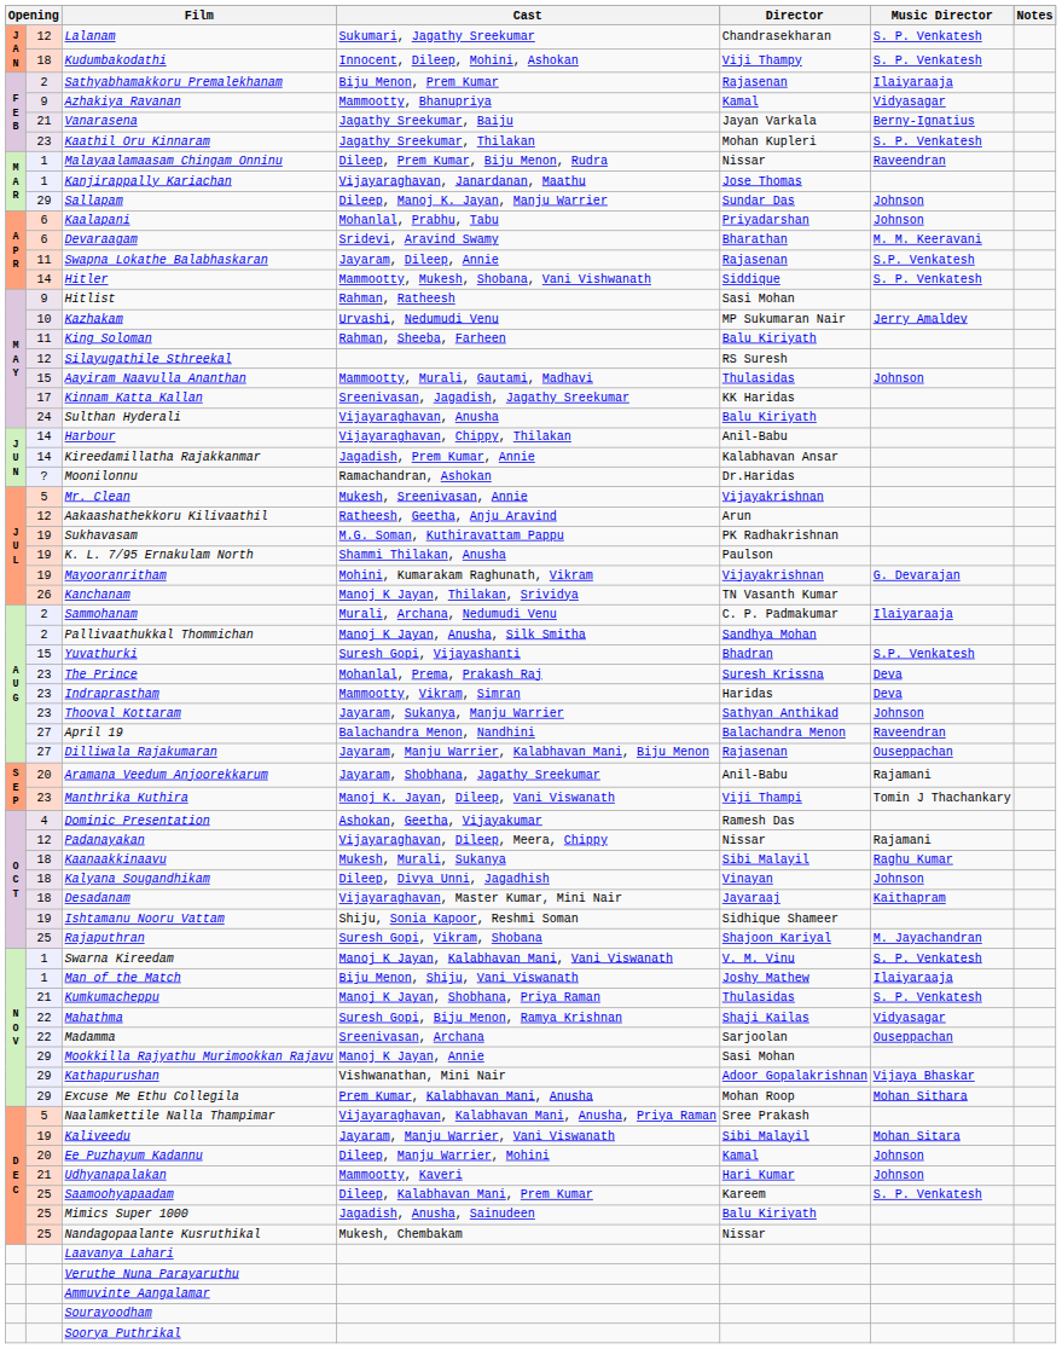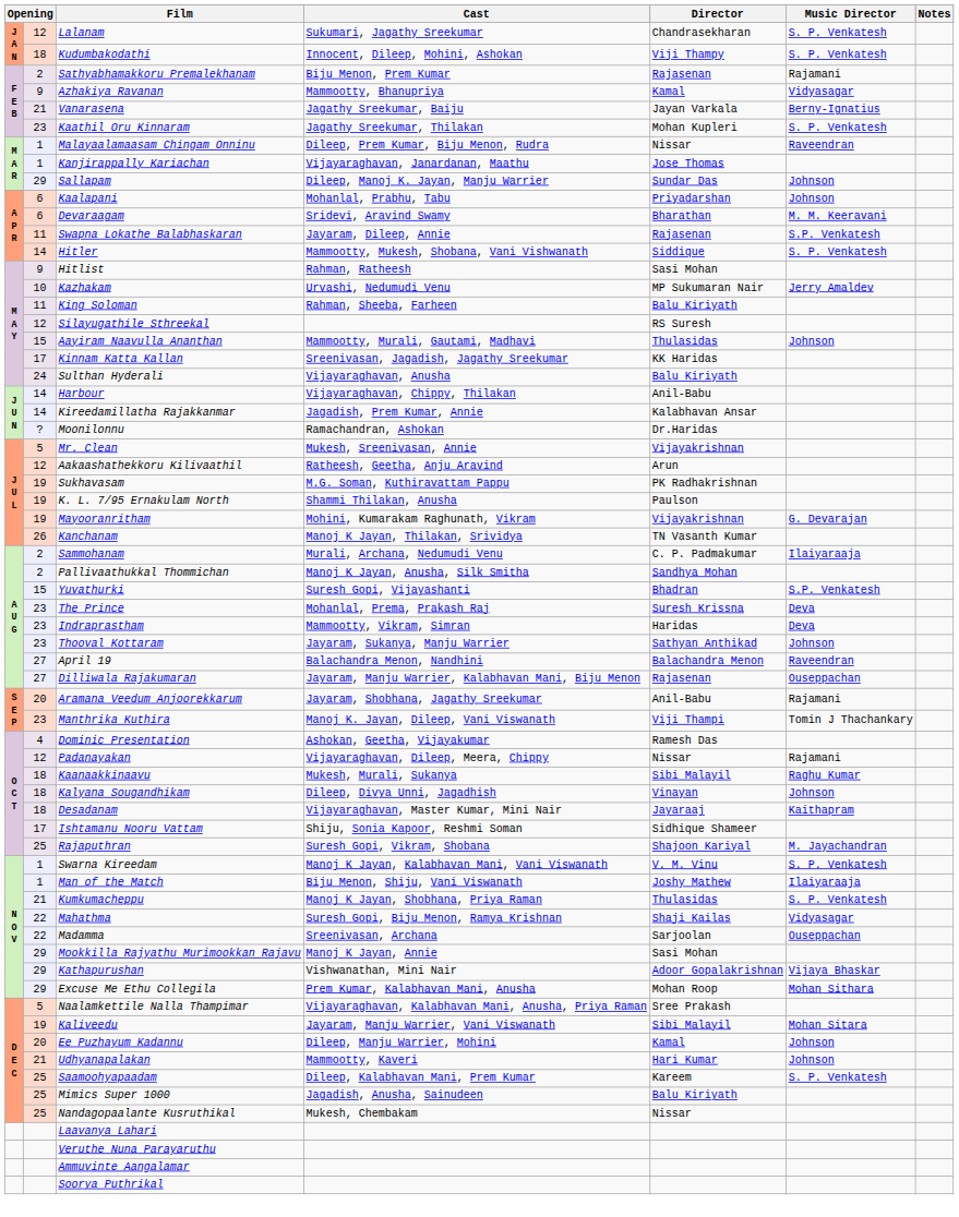 <table class="wikitable">
 <tr style="background:#000;">
 <th colspan="2">Opening</th>
 <th>Film</th>
 <th>Cast</th>
 <th>Director</th>
 <th>Music Director</th>
 <th>Notes</th>
 </tr>
 <tr>
 <td rowspan="2" style="text-align:center; background:#ffa07a; textcolor:#000;"><small><strong>J<br>A<br>N</strong></small></td>
 <td style="text-align:center; background:#ffdacc; textcolor:#000;">12</td>
 <td><em><a href='#'>Lalanam</a></em></td>
 <td><a href='#'>Sukumari</a>, <a href='#'>Jagathy Sreekumar</a></td>
 <td>Chandrasekharan</td>
 <td><a href='#'>S. P. Venkatesh</a></td>
 <td></td>
 </tr>
 <tr>
 <td style="text-align:center; background:#ffdacc; textcolor:#000;">18</td>
 <td><em><a href='#'>Kudumbakodathi</a></em></td>
 <td><a href='#'>Innocent</a>, <a href='#'>Dileep</a>, <a href='#'>Mohini</a>, <a href='#'>Ashokan</a></td>
 <td><a href='#'>Viji Thampy</a></td>
 <td><a href='#'>S. P. Venkatesh</a></td>
 <td></td>
 </tr>
 <tr>
 <td rowspan="4" style="text-align:center; background:#dcc7df; textcolor:#000;"><small><strong>F<br>E<br>B</strong></small></td>
 <td style="text-align:center; background:#ede3ef; textcolor:#000;">2</td>
 <td><em><a href='#'>Sathyabhamakkoru Premalekhanam</a></em></td>
 <td><a href='#'>Biju Menon</a>, <a href='#'>Prem Kumar</a></td>
 <td><a href='#'>Rajasenan</a></td>
-<td><a href='#'>Ilaiyaraaja</a></td>
+<td>Rajamani</td>
 <td></td>
 </tr>
 <tr>
 <td style="text-align:center; background:#ede3ef; textcolor:#000;">9</td>
 <td><em><a href='#'>Azhakiya Ravanan</a></em></td>
 <td><a href='#'>Mammootty</a>, <a href='#'>Bhanupriya</a></td>
 <td><a href='#'>Kamal</a></td>
 <td><a href='#'>Vidyasagar</a></td>
 <td></td>
 </tr>
 <tr>
 <td style="text-align:center; background:#ede3ef; textcolor:#000;">21</td>
 <td><em><a href='#'>Vanarasena</a></em></td>
 <td><a href='#'>Jagathy Sreekumar</a>, <a href='#'>Baiju</a></td>
 <td>Jayan Varkala</td>
 <td><a href='#'>Berny-Ignatius</a></td>
 <td></td>
 </tr>
 <tr>
 <td style="text-align:center; background:#ede3ef; textcolor:#000;">23</td>
 <td><em><a href='#'>Kaathil Oru Kinnaram</a></em></td>
 <td><a href='#'>Jagathy Sreekumar</a>, <a href='#'>Thilakan</a></td>
 <td>Mohan Kupleri</td>
 <td><a href='#'>S. P. Venkatesh</a></td>
 <td></td>
 </tr>
 <tr>
 <td rowspan="3" style="text-align:center; background:#d0f0c0; textcolor:#000;"><small><strong>M<br>A<br>R</strong></small></td>
 <td style="text-align:center; background:#edefff; textcolor:#000;">1</td>
 <td><em><a href='#'>Malayaalamaasam Chingam Onninu</a></em></td>
 <td><a href='#'>Dileep</a>, <a href='#'>Prem Kumar</a>, <a href='#'>Biju Menon</a>, <a href='#'>Rudra</a></td>
 <td>Nissar</td>
 <td><a href='#'>Raveendran</a></td>
 <td></td>
 </tr>
 <tr>
 <td style="text-align:center; background:#edefff; textcolor:#000;">1</td>
 <td><em><a href='#'>Kanjirappally Kariachan</a></em></td>
 <td><a href='#'>Vijayaraghavan</a>, <a href='#'>Janardanan</a>, <a href='#'>Maathu</a></td>
 <td><a href='#'>Jose Thomas</a></td>
 <td></td>
 <td></td>
 </tr>
 <tr>
 <td style="text-align:center; background:#edefff; textcolor:#000;">29</td>
 <td><em><a href='#'>Sallapam</a></em></td>
 <td><a href='#'>Dileep</a>, <a href='#'>Manoj K. Jayan</a>, <a href='#'>Manju Warrier</a></td>
 <td><a href='#'>Sundar Das</a></td>
 <td><a href='#'>Johnson</a></td>
 <td></td>
 </tr>
 <tr>
 <td rowspan="4" style="text-align:center; background:#ffa07a; textcolor:#000;"><small><strong>A<br>P<br>R</strong></small></td>
 <td style="text-align:center; background:#ffdacc; textcolor:#000;">6</td>
 <td><em><a href='#'>Kaalapani</a></em></td>
 <td><a href='#'>Mohanlal</a>, <a href='#'>Prabhu</a>, <a href='#'>Tabu</a></td>
 <td><a href='#'>Priyadarshan</a></td>
 <td><a href='#'>Johnson</a></td>
 <td></td>
 </tr>
 <tr>
 <td style="text-align:center; background:#ffdacc; textcolor:#000;">6</td>
 <td><em><a href='#'>Devaraagam</a></em></td>
 <td><a href='#'>Sridevi</a>, <a href='#'>Aravind Swamy</a></td>
 <td><a href='#'>Bharathan</a></td>
 <td><a href='#'>M. M. Keeravani</a></td>
 <td></td>
 </tr>
 <tr>
 <td style="text-align:center; background:#ffdacc; textcolor:#000;">11</td>
 <td><em><a href='#'>Swapna Lokathe Balabhaskaran</a></em></td>
 <td><a href='#'>Jayaram</a>, <a href='#'>Dileep</a>, <a href='#'>Annie</a></td>
 <td><a href='#'>Rajasenan</a></td>
 <td><a href='#'>S.P. Venkatesh</a></td>
 <td></td>
 </tr>
 <tr>
 <td style="text-align:center; background:#ffdacc; textcolor:#000;">14</td>
 <td><em><a href='#'>Hitler</a></em></td>
 <td><a href='#'>Mammootty</a>, <a href='#'>Mukesh</a>, <a href='#'>Shobana</a>, <a href='#'>Vani Vishwanath</a></td>
 <td><a href='#'>Siddique</a></td>
 <td><a href='#'>S. P. Venkatesh</a></td>
 <td></td>
 </tr>
 <tr>
 <td rowspan="7" style="text-align:center; background:#dcc7df; textcolor:#000;"><small><strong>M<br>A<br>Y</strong></small></td>
 <td style="text-align:center; background:#ede3ef; textcolor:#000;">9</td>
 <td><em>Hitlist</em></td>
 <td><a href='#'>Rahman</a>, <a href='#'>Ratheesh</a></td>
 <td>Sasi Mohan</td>
 <td></td>
 <td></td>
 </tr>
 <tr>
 <td style="text-align:center; background:#ede3ef; textcolor:#000;">10</td>
 <td><em><a href='#'>Kazhakam</a></em></td>
 <td><a href='#'>Urvashi</a>, <a href='#'>Nedumudi Venu</a></td>
 <td>MP Sukumaran Nair</td>
 <td><a href='#'>Jerry Amaldev</a></td>
 <td></td>
 </tr>
 <tr>
 <td style="text-align:center; background:#ede3ef; textcolor:#000;">11</td>
 <td><em><a href='#'>King Soloman</a></em></td>
 <td><a href='#'>Rahman</a>, <a href='#'>Sheeba</a>, <a href='#'>Farheen</a></td>
 <td><a href='#'>Balu Kiriyath</a></td>
 <td></td>
 <td></td>
 </tr>
 <tr>
 <td style="text-align:center; background:#ede3ef; textcolor:#000;">12</td>
 <td><em><a href='#'>Silayugathile Sthreekal</a></em></td>
 <td></td>
 <td>RS Suresh</td>
 <td></td>
 <td></td>
 </tr>
 <tr>
 <td style="text-align:center; background:#ede3ef; textcolor:#000;">15</td>
 <td><em><a href='#'>Aayiram Naavulla Ananthan</a></em></td>
 <td><a href='#'>Mammootty</a>, <a href='#'>Murali</a>, <a href='#'>Gautami</a>, <a href='#'>Madhavi</a></td>
 <td><a href='#'>Thulasidas</a></td>
 <td><a href='#'>Johnson</a></td>
 <td></td>
 </tr>
 <tr>
 <td style="text-align:center; background:#ede3ef; textcolor:#000;">17</td>
 <td><em><a href='#'>Kinnam Katta Kallan</a></em></td>
 <td><a href='#'>Sreenivasan</a>, <a href='#'>Jagadish</a>, <a href='#'>Jagathy Sreekumar</a></td>
 <td>KK Haridas</td>
 <td></td>
 <td></td>
 </tr>
 <tr>
 <td style="text-align:center; background:#ede3ef; textcolor:#000;">24</td>
 <td><em>Sulthan Hyderali</em></td>
 <td><a href='#'>Vijayaraghavan</a>, <a href='#'>Anusha</a></td>
 <td><a href='#'>Balu Kiriyath</a></td>
 <td></td>
 <td></td>
 </tr>
 <tr>
 <td rowspan="3" style="text-align:center; background:#d0f0c0; textcolor:#000;"><small><strong>J<br>U<br>N</strong></small></td>
 <td style="text-align:center; background:#edefff; textcolor:#000;">14</td>
 <td><em><a href='#'>Harbour</a></em></td>
 <td><a href='#'>Vijayaraghavan</a>, <a href='#'>Chippy</a>, <a href='#'>Thilakan</a></td>
 <td>Anil-Babu</td>
 <td></td>
 <td></td>
 </tr>
 <tr>
 <td style="text-align:center; background:#edefff; textcolor:#000;">14</td>
 <td><em>Kireedamillatha Rajakkanmar</em></td>
 <td><a href='#'>Jagadish</a>, <a href='#'>Prem Kumar</a>, <a href='#'>Annie</a></td>
 <td>Kalabhavan Ansar</td>
 <td></td>
 <td></td>
 </tr>
 <tr>
 <td style="text-align:center; background:#edefff; textcolor:#000;">?</td>
 <td><em>Moonilonnu</em></td>
 <td>Ramachandran, <a href='#'>Ashokan</a></td>
 <td>Dr.Haridas</td>
 <td></td>
 <td></td>
 </tr>
 <tr>
 <td rowspan="6" style="text-align:center; background:#ffa07a; textcolor:#000;"><small><strong>J<br>U<br>L</strong></small></td>
 <td style="text-align:center; background:#ffdacc; textcolor:#000;">5</td>
 <td><em><a href='#'>Mr. Clean</a></em></td>
 <td><a href='#'>Mukesh</a>, <a href='#'>Sreenivasan</a>, <a href='#'>Annie</a></td>
 <td><a href='#'>Vijayakrishnan</a></td>
 <td></td>
 <td></td>
 </tr>
 <tr>
 <td style="text-align:center; background:#ffdacc; textcolor:#000;">12</td>
 <td><em>Aakaashathekkoru Kilivaathil</em></td>
 <td><a href='#'>Ratheesh</a>, <a href='#'>Geetha</a>, <a href='#'>Anju Aravind</a></td>
 <td>Arun</td>
 <td></td>
 <td></td>
 </tr>
 <tr>
 <td style="text-align:center; background:#ffdacc; textcolor:#000;">19</td>
 <td><em>Sukhavasam</em></td>
 <td><a href='#'>M.G. Soman</a>, <a href='#'>Kuthiravattam Pappu</a></td>
 <td>PK Radhakrishnan</td>
 <td></td>
 <td></td>
 </tr>
 <tr>
 <td style="text-align:center; background:#ffdacc; textcolor:#000;">19</td>
 <td><em>K. L. 7/95 Ernakulam North</em></td>
 <td><a href='#'>Shammi Thilakan</a>, <a href='#'>Anusha</a></td>
 <td>Paulson</td>
 <td></td>
 <td></td>
 </tr>
 <tr>
 <td style="text-align:center; background:#ffdacc; textcolor:#000;">19</td>
 <td><em><a href='#'>Mayooranritham</a></em></td>
 <td><a href='#'>Mohini</a>, Kumarakam Raghunath, <a href='#'>Vikram</a></td>
 <td><a href='#'>Vijayakrishnan</a></td>
 <td><a href='#'>G. Devarajan</a></td>
 <td></td>
 </tr>
 <tr>
 <td style="text-align:center; background:#ffdacc; textcolor:#000;">26</td>
 <td><em><a href='#'>Kanchanam</a></em></td>
 <td><a href='#'>Manoj K Jayan</a>, <a href='#'>Thilakan</a>, <a href='#'>Srividya</a></td>
 <td>TN Vasanth Kumar</td>
 <td></td>
 <td></td>
 </tr>
 <tr>
 <td rowspan="8" style="text-align:center; background:#d0f0c0; textcolor:#000;"><small><strong>A<br>U<br>G</strong></small></td>
 <td style="text-align:center; background:#edefff; textcolor:#000;">2</td>
 <td><em><a href='#'>Sammohanam</a></em></td>
 <td><a href='#'>Murali</a>, <a href='#'>Archana</a>, <a href='#'>Nedumudi Venu</a></td>
 <td>C. P. Padmakumar</td>
 <td><a href='#'>Ilaiyaraaja</a></td>
 <td></td>
 </tr>
 <tr>
 <td style="text-align:center; background:#edefff; textcolor:#000;">2</td>
 <td><em>Pallivaathukkal Thommichan</em></td>
 <td><a href='#'>Manoj K Jayan</a>, <a href='#'>Anusha</a>, <a href='#'>Silk Smitha</a></td>
 <td><a href='#'>Sandhya Mohan</a></td>
 <td></td>
 <td></td>
 </tr>
 <tr>
 <td style="text-align:center; background:#edefff; textcolor:#000;">15</td>
 <td><em><a href='#'>Yuvathurki</a></em></td>
 <td><a href='#'>Suresh Gopi</a>, <a href='#'>Vijayashanti</a></td>
 <td><a href='#'>Bhadran</a></td>
 <td><a href='#'>S.P. Venkatesh</a></td>
 <td></td>
 </tr>
 <tr>
 <td style="text-align:center; background:#edefff; textcolor:#000;">23</td>
 <td><em><a href='#'>The Prince</a></em></td>
 <td><a href='#'>Mohanlal</a>, <a href='#'>Prema</a>, <a href='#'>Prakash Raj</a></td>
 <td><a href='#'>Suresh Krissna</a></td>
 <td><a href='#'>Deva</a></td>
 <td></td>
 </tr>
 <tr>
 <td style="text-align:center; background:#edefff; textcolor:#000;">23</td>
 <td><em><a href='#'>Indraprastham</a></em></td>
 <td><a href='#'>Mammootty</a>, <a href='#'>Vikram</a>, <a href='#'>Simran</a></td>
 <td>Haridas</td>
 <td><a href='#'>Deva</a></td>
 <td></td>
 </tr>
 <tr>
 <td style="text-align:center; background:#edefff; textcolor:#000;">23</td>
 <td><em><a href='#'>Thooval Kottaram</a></em></td>
 <td><a href='#'>Jayaram</a>, <a href='#'>Sukanya</a>, <a href='#'>Manju Warrier</a></td>
 <td><a href='#'>Sathyan Anthikad</a></td>
 <td><a href='#'>Johnson</a></td>
 <td></td>
 </tr>
 <tr>
 <td style="text-align:center; background:#edefff; textcolor:#000;">27</td>
 <td><em>April 19</em></td>
 <td><a href='#'>Balachandra Menon</a>, <a href='#'>Nandhini</a></td>
 <td><a href='#'>Balachandra Menon</a></td>
 <td><a href='#'>Raveendran</a></td>
 <td></td>
 </tr>
 <tr>
 <td style="text-align:center; background:#edefff; textcolor:#000;">27</td>
 <td><em><a href='#'>Dilliwala Rajakumaran</a></em></td>
 <td><a href='#'>Jayaram</a>, <a href='#'>Manju Warrier</a>, <a href='#'>Kalabhavan Mani</a>, <a href='#'>Biju Menon</a></td>
 <td><a href='#'>Rajasenan</a></td>
 <td><a href='#'>Ouseppachan</a></td>
 <td></td>
 </tr>
 <tr>
 <td rowspan="2" style="text-align:center; background:#ffa07a; textcolor:#000;"><small><strong>S<br>E<br>P</strong></small></td>
 <td style="text-align:center; background:#ffdacc; textcolor:#000;">20</td>
 <td><em><a href='#'>Aramana Veedum Anjoorekkarum</a></em></td>
 <td><a href='#'>Jayaram</a>, <a href='#'>Shobhana</a>, <a href='#'>Jagathy Sreekumar</a></td>
 <td>Anil-Babu</td>
 <td>Rajamani</td>
 <td></td>
 </tr>
 <tr>
 <td style="text-align:center; background:#ffdacc; textcolor:#000;">23</td>
 <td><em><a href='#'>Manthrika Kuthira</a></em></td>
 <td><a href='#'>Manoj K. Jayan</a>, <a href='#'>Dileep</a>, <a href='#'>Vani Viswanath</a></td>
 <td><a href='#'>Viji Thampi</a></td>
 <td>Tomin J Thachankary</td>
 <td></td>
 </tr>
 <tr>
 <td rowspan="7" style="text-align:center; background:#dcc7df; textcolor:#000;"><small><strong>O<br>C<br>T</strong></small></td>
 <td style="text-align:center; background:#ede3ef; textcolor:#000;">4</td>
 <td><em><a href='#'>Dominic Presentation</a></em></td>
 <td><a href='#'>Ashokan</a>, <a href='#'>Geetha</a>, <a href='#'>Vijayakumar</a></td>
 <td>Ramesh Das</td>
 <td></td>
 <td></td>
 </tr>
 <tr>
 <td style="text-align:center; background:#ede3ef; textcolor:#000;">12</td>
 <td><em><a href='#'>Padanayakan</a></em></td>
 <td><a href='#'>Vijayaraghavan</a>, <a href='#'>Dileep</a>, Meera, <a href='#'>Chippy</a></td>
 <td>Nissar</td>
 <td>Rajamani</td>
 <td></td>
 </tr>
 <tr>
 <td style="text-align:center; background:#ede3ef; textcolor:#000;">18</td>
 <td><em><a href='#'>Kaanaakkinaavu</a></em></td>
 <td><a href='#'>Mukesh</a>, <a href='#'>Murali</a>, <a href='#'>Sukanya</a></td>
 <td><a href='#'>Sibi Malayil</a></td>
 <td><a href='#'>Raghu Kumar</a></td>
 <td></td>
 </tr>
 <tr>
 <td style="text-align:center; background:#ede3ef; textcolor:#000;">18</td>
 <td><em><a href='#'>Kalyana Sougandhikam</a></em></td>
 <td><a href='#'>Dileep</a>, <a href='#'>Divya Unni</a>, <a href='#'>Jagadhish</a></td>
 <td><a href='#'>Vinayan</a></td>
 <td><a href='#'>Johnson</a></td>
 <td></td>
 </tr>
 <tr>
 <td style="text-align:center; background:#ede3ef; textcolor:#000;">18</td>
 <td><em><a href='#'>Desadanam</a></em></td>
 <td><a href='#'>Vijayaraghavan</a>, Master Kumar, Mini Nair</td>
 <td><a href='#'>Jayaraaj</a></td>
 <td><a href='#'>Kaithapram</a></td>
 <td></td>
 </tr>
 <tr hit>
-<td style="text-align:center; background:#ede3ef; textcolor:#000;">19</td>
+<td style="text-align:center; background:#ede3ef; textcolor:#000;">17</td>
 <td><em><a href='#'>Ishtamanu Nooru Vattam</a></em></td>
 <td>Shiju, <a href='#'>Sonia Kapoor</a>, Reshmi Soman</td>
 <td>Sidhique Shameer</td>
 <td></td>
 <td></td>
 </tr>
 <tr>
 <td style="text-align:center; background:#ede3ef; textcolor:#000;">25</td>
 <td><em><a href='#'>Rajaputhran</a></em></td>
 <td><a href='#'>Suresh Gopi</a>, <a href='#'>Vikram</a>, <a href='#'>Shobana</a></td>
 <td><a href='#'>Shajoon Kariyal</a></td>
 <td><a href='#'>M. Jayachandran</a></td>
 <td></td>
 </tr>
 <tr>
 <td rowspan="8" style="text-align:center; background:#d0f0c0; textcolor:#000;"><small><strong>N<br>O<br>V</strong></small></td>
 <td style="text-align:center; background:#edefff; textcolor:#000;">1</td>
 <td><em>Swarna Kireedam</em></td>
 <td><a href='#'>Manoj K Jayan</a>, <a href='#'>Kalabhavan Mani</a>, <a href='#'>Vani Viswanath</a></td>
 <td><a href='#'>V. M. Vinu</a></td>
 <td><a href='#'>S. P. Venkatesh</a></td>
 <td></td>
 </tr>
 <tr>
 <td style="text-align:center; background:#edefff; textcolor:#000;">1</td>
 <td><em><a href='#'>Man of the Match</a></em></td>
 <td><a href='#'>Biju Menon</a>, <a href='#'>Shiju</a>, <a href='#'>Vani Viswanath</a></td>
 <td><a href='#'>Joshy Mathew</a></td>
 <td><a href='#'>Ilaiyaraaja</a></td>
 <td></td>
 </tr>
 <tr>
 <td style="text-align:center; background:#edefff; textcolor:#000;">21</td>
 <td><em><a href='#'>Kumkumacheppu</a></em></td>
 <td><a href='#'>Manoj K Jayan</a>, <a href='#'>Shobhana</a>, <a href='#'>Priya Raman</a></td>
 <td><a href='#'>Thulasidas</a></td>
 <td><a href='#'>S. P. Venkatesh</a></td>
 <td></td>
 </tr>
 <tr>
 <td style="text-align:center; background:#edefff; textcolor:#000;">22</td>
 <td><em><a href='#'>Mahathma</a></em></td>
 <td><a href='#'>Suresh Gopi</a>, <a href='#'>Biju Menon</a>, <a href='#'>Ramya Krishnan</a></td>
 <td><a href='#'>Shaji Kailas</a></td>
 <td><a href='#'>Vidyasagar</a></td>
 <td></td>
 </tr>
 <tr>
 <td style="text-align:center; background:#edefff; textcolor:#000;">22</td>
 <td><em>Madamma</em></td>
 <td><a href='#'>Sreenivasan</a>, <a href='#'>Archana</a></td>
 <td>Sarjoolan</td>
 <td><a href='#'>Ouseppachan</a></td>
 <td></td>
 </tr>
 <tr>
 <td style="text-align:center; background:#edefff; textcolor:#000;">29</td>
 <td><em><a href='#'>Mookkilla Rajyathu Murimookkan Rajavu</a></em></td>
 <td><a href='#'>Manoj K Jayan</a>, <a href='#'>Annie</a></td>
 <td>Sasi Mohan</td>
 <td></td>
 <td></td>
 </tr>
 <tr>
 <td style="text-align:center; background:#edefff; textcolor:#000;">29</td>
 <td><em><a href='#'>Kathapurushan</a></em></td>
 <td>Vishwanathan, Mini Nair</td>
 <td><a href='#'>Adoor Gopalakrishnan</a></td>
 <td><a href='#'>Vijaya Bhaskar</a></td>
 <td></td>
 </tr>
 <tr>
 <td style="text-align:center; background:#edefff; textcolor:#000;">29</td>
 <td><em>Excuse Me Ethu Collegila</em></td>
 <td><a href='#'>Prem Kumar</a>, <a href='#'>Kalabhavan Mani</a>, <a href='#'>Anusha</a></td>
 <td>Mohan Roop</td>
 <td><a href='#'>Mohan Sithara</a></td>
 <td></td>
 </tr>
 <tr>
 <td rowspan="7" style="text-align:center; background:#ffa07a; textcolor:#000;"><small><strong>D<br>E<br>C</strong></small></td>
 <td style="text-align:center; background:#ffdacc; textcolor:#000;">5</td>
 <td><em>Naalamkettile Nalla Thampimar</em></td>
 <td><a href='#'>Vijayaraghavan</a>, <a href='#'>Kalabhavan Mani</a>, <a href='#'>Anusha</a>, <a href='#'>Priya Raman</a></td>
 <td>Sree Prakash</td>
 <td></td>
 <td></td>
 </tr>
 <tr>
 <td style="text-align:center; background:#ffdacc; textcolor:#000;">19</td>
 <td><em><a href='#'>Kaliveedu</a></em></td>
 <td><a href='#'>Jayaram</a>, <a href='#'>Manju Warrier</a>, <a href='#'>Vani Viswanath</a></td>
 <td><a href='#'>Sibi Malayil</a></td>
 <td><a href='#'>Mohan Sitara</a></td>
 <td></td>
 </tr>
 <tr>
 <td style="text-align:center; background:#ffdacc; textcolor:#000;">20</td>
 <td><em><a href='#'>Ee Puzhayum Kadannu</a></em></td>
 <td><a href='#'>Dileep</a>, <a href='#'>Manju Warrier</a>, <a href='#'>Mohini</a></td>
 <td><a href='#'>Kamal</a></td>
 <td><a href='#'>Johnson</a></td>
 <td></td>
 </tr>
 <tr>
 <td style="text-align:center; background:#ffdacc; textcolor:#000;">21</td>
 <td><em><a href='#'>Udhyanapalakan</a></em></td>
 <td><a href='#'>Mammootty</a>, <a href='#'>Kaveri</a></td>
 <td><a href='#'>Hari Kumar</a></td>
 <td><a href='#'>Johnson</a></td>
 <td></td>
 </tr>
 <tr>
 <td style="text-align:center; background:#ffdacc; textcolor:#000;">25</td>
 <td><em><a href='#'>Saamoohyapaadam</a></em></td>
 <td><a href='#'>Dileep</a>, <a href='#'>Kalabhavan Mani</a>, <a href='#'>Prem Kumar</a></td>
 <td>Kareem</td>
 <td><a href='#'>S. P. Venkatesh</a></td>
 <td></td>
 </tr>
 <tr>
 <td style="text-align:center; background:#ffdacc; textcolor:#000;">25</td>
 <td><em>Mimics Super 1000</em></td>
 <td><a href='#'>Jagadish</a>, <a href='#'>Anusha</a>, <a href='#'>Sainudeen</a></td>
 <td><a href='#'>Balu Kiriyath</a></td>
 <td></td>
 <td></td>
 </tr>
 <tr>
 <td style="text-align:center; background:#ffdacc; textcolor:#000;">25</td>
 <td><em>Nandagopaalante Kusruthikal</em></td>
 <td>Mukesh, Chembakam</td>
 <td>Nissar</td>
 <td></td>
 <td></td>
 </tr>
 <tr>
 <td></td>
 <td></td>
 <td><em><a href='#'>Laavanya Lahari</a></em></td>
 <td></td>
 <td></td>
 <td></td>
 <td></td>
 </tr>
 <tr>
 <td></td>
 <td></td>
 <td><em><a href='#'>Veruthe Nuna Parayaruthu</a></em></td>
 <td></td>
 <td></td>
 <td></td>
 <td></td>
 </tr>
 <tr>
 <td></td>
 <td></td>
 <td><em><a href='#'>Ammuvinte Aangalamar</a></em></td>
 <td></td>
 <td></td>
 <td></td>
 <td></td>
 </tr>
 <tr>
 <td></td>
 <td></td>
-<td><em><a href='#'>Sourayoodham</a></em></td>
-<td></td>
-<td></td>
-<td></td>
-<td></td>
-</tr>
-<tr>
-<td></td>
-<td></td>
 <td><em><a href='#'>Soorya Puthrikal</a></em></td>
 <td></td>
 <td></td>
 <td></td>
 <td></td>
 </tr>
 </table>
